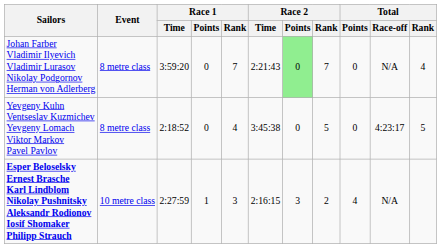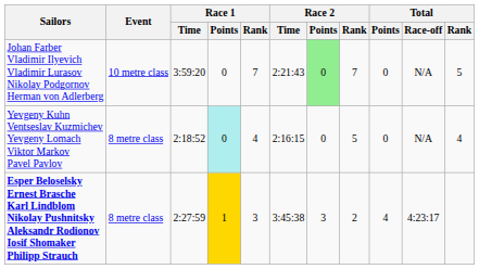 <table class=wikitable style="font-size:90%">
 <tr>
 <th rowspan=2>Sailors</th>
 <th rowspan=2>Event</th>
 <th colspan=3>Race 1</th>
 <th colspan=3>Race 2</th>
 <th colspan=3>Total</th>
 </tr>
 <tr>
 <th>Time</th>
 <th>Points</th>
 <th>Rank</th>
 <th>Time</th>
 <th>Points</th>
 <th>Rank</th>
 <th>Points</th>
 <th>Race-off</th>
 <th>Rank</th>
 </tr>
 <tr>
 <td><a href='#'>Johan Farber</a> <br> <a href='#'>Vladimir Ilyevich</a> <br> <a href='#'>Vladimir Lurasov</a> <br> <a href='#'>Nikolay Podgornov</a> <br> <a href='#'>Herman von Adlerberg</a></td>
-<td><a href='#'>8 metre class</a></td>
+<td><a href='#'>10 metre class</a></td>
 <td align=center>3:59:20</td>
 <td align=center>0</td>
 <td align=center>7</td>
 <td align=center>2:21:43</td>
 <td align=center style="background: lightgreen;">0</td>
 <td align=center>7</td>
 <td align=center>0</td>
 <td align=center>N/A</td>
-<td align=center>4</td>
+<td align=center>5</td>
 </tr>
 <tr>
 <td><a href='#'>Yevgeny Kuhn</a> <br> <a href='#'>Ventseslav Kuzmichev</a> <br> <a href='#'>Yevgeny Lomach</a> <br> <a href='#'>Viktor Markov</a> <br> <a href='#'>Pavel Pavlov</a></td>
 <td><a href='#'>8 metre class</a></td>
 <td align=center>2:18:52</td>
-<td align=center>0</td>
+<td align=center style="background: paleturquoise;">0</td>
 <td align=center>4</td>
-<td align=center>3:45:38</td>
+<td align=center>2:16:15</td>
 <td align=center>0</td>
 <td align=center>5</td>
 <td align=center>0</td>
-<td align=center>4:23:17</td>
-<td align=center>5</td>
+<td align=center>N/A</td>
+<td align=center>4</td>
 </tr>
 <tr>
 <td><strong><a href='#'>Esper Beloselsky</a> <br> <a href='#'>Ernest Brasche</a> <br> <a href='#'>Karl Lindblom</a> <br> <a href='#'>Nikolay Pushnitsky</a> <br> <a href='#'>Aleksandr Rodionov</a> <br> <a href='#'>Iosif Shomaker</a> <br> <a href='#'>Philipp Strauch</a></strong></td>
-<td><a href='#'>10 metre class</a></td>
+<td><a href='#'>8 metre class</a></td>
 <td align=center>2:27:59</td>
-<td align=center>1</td>
+<td align=center style="background: gold;">1</td>
 <td align=center>3</td>
-<td align=center>2:16:15</td>
+<td align=center>3:45:38</td>
 <td align=center>3</td>
 <td align=center>2</td>
 <td align=center>4</td>
-<td align=center>N/A</td>
+<td align=center>4:23:17</td>
 <td align=center></td>
 </tr>
 </table>
